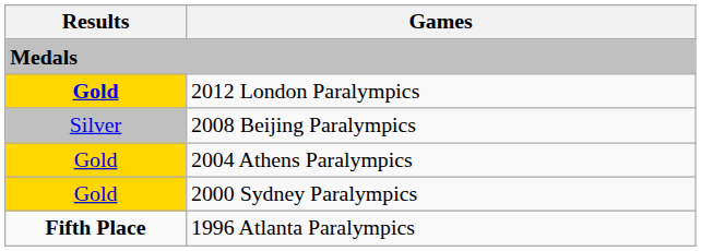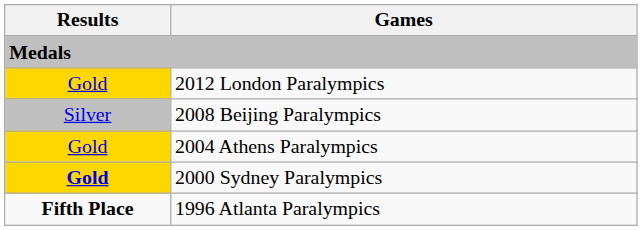 <table class="wikitable">
 <tr valign=top>
 <th style="width:16%;">Results</th>
 <th style="width:45%;">Games</th>
 </tr>
 <tr>
 <td colspan="4" style="background:silver;"><strong>Medals</strong></td>
 </tr>
 <tr valign=top>
-<td style="text-align:center; background:gold;"><strong><a href='#'>Gold</a></strong></td>
+<td style="text-align:center; background:gold;"><a href='#'>Gold</a></td>
 <td>2012 London Paralympics</td>
 </tr>
 <tr valign=top>
 <td style="text-align:center; background:silver;"><a href='#'>Silver</a></td>
 <td>2008 Beijing Paralympics</td>
 </tr>
 <tr valign=top>
 <td style="text-align:center; background:gold;"><a href='#'>Gold</a></td>
 <td>2004 Athens Paralympics</td>
 </tr>
 <tr valign=top>
-<td style="text-align:center; background:gold;"><a href='#'>Gold</a></td>
+<td style="text-align:center; background:gold;"><strong><a href='#'>Gold</a></strong></td>
 <td>2000 Sydney Paralympics</td>
 </tr>
 <tr valign=top>
 <td style="text-align:center; background:fifth;"><strong>Fifth Place</strong></td>
 <td>1996 Atlanta Paralympics</td>
 </tr>
 </table>
